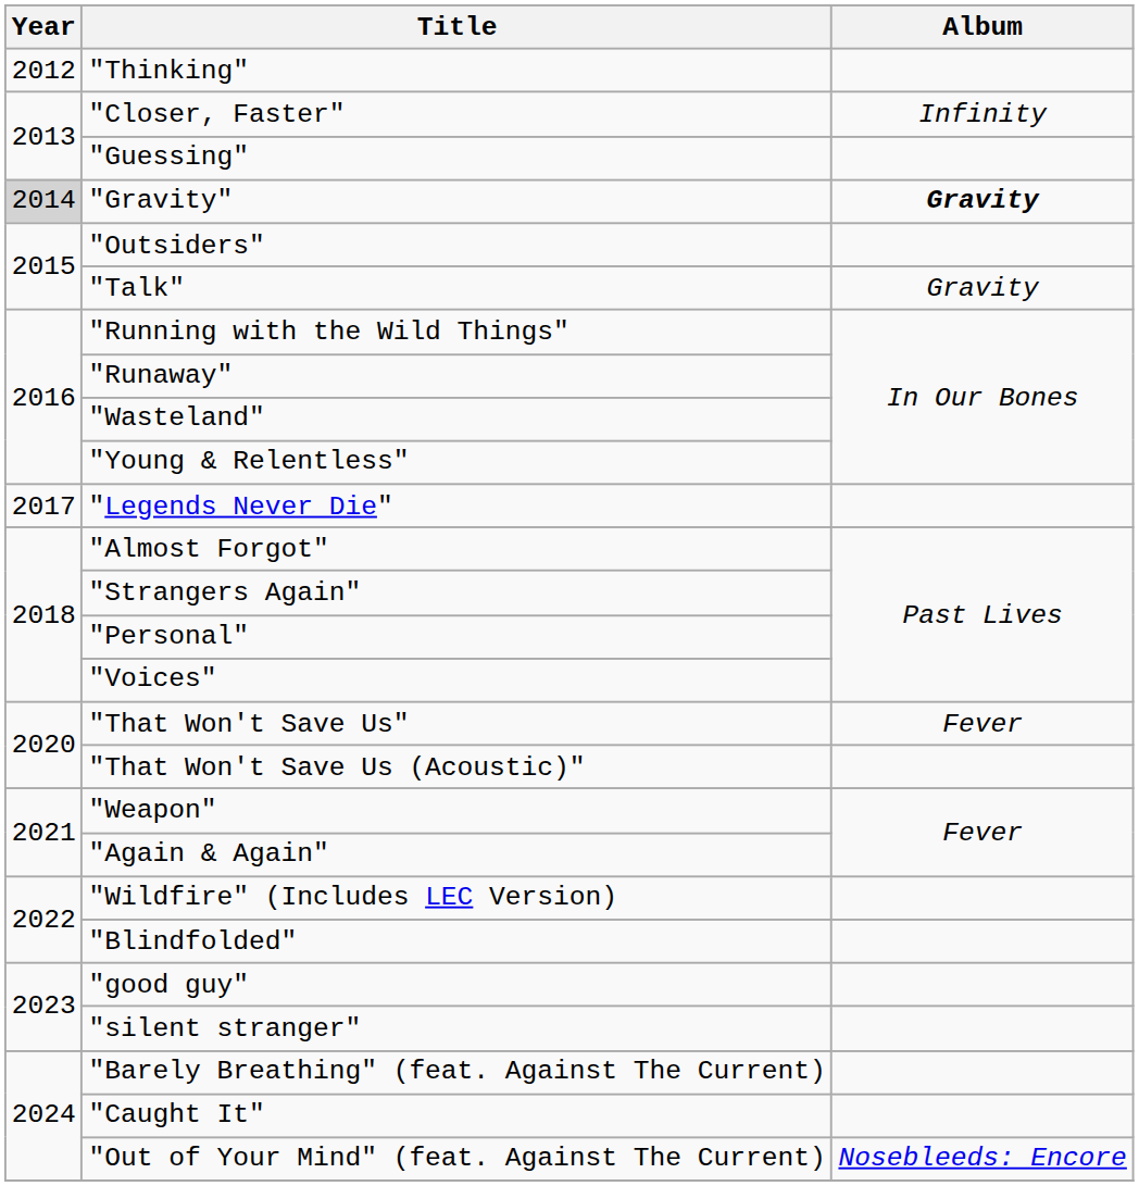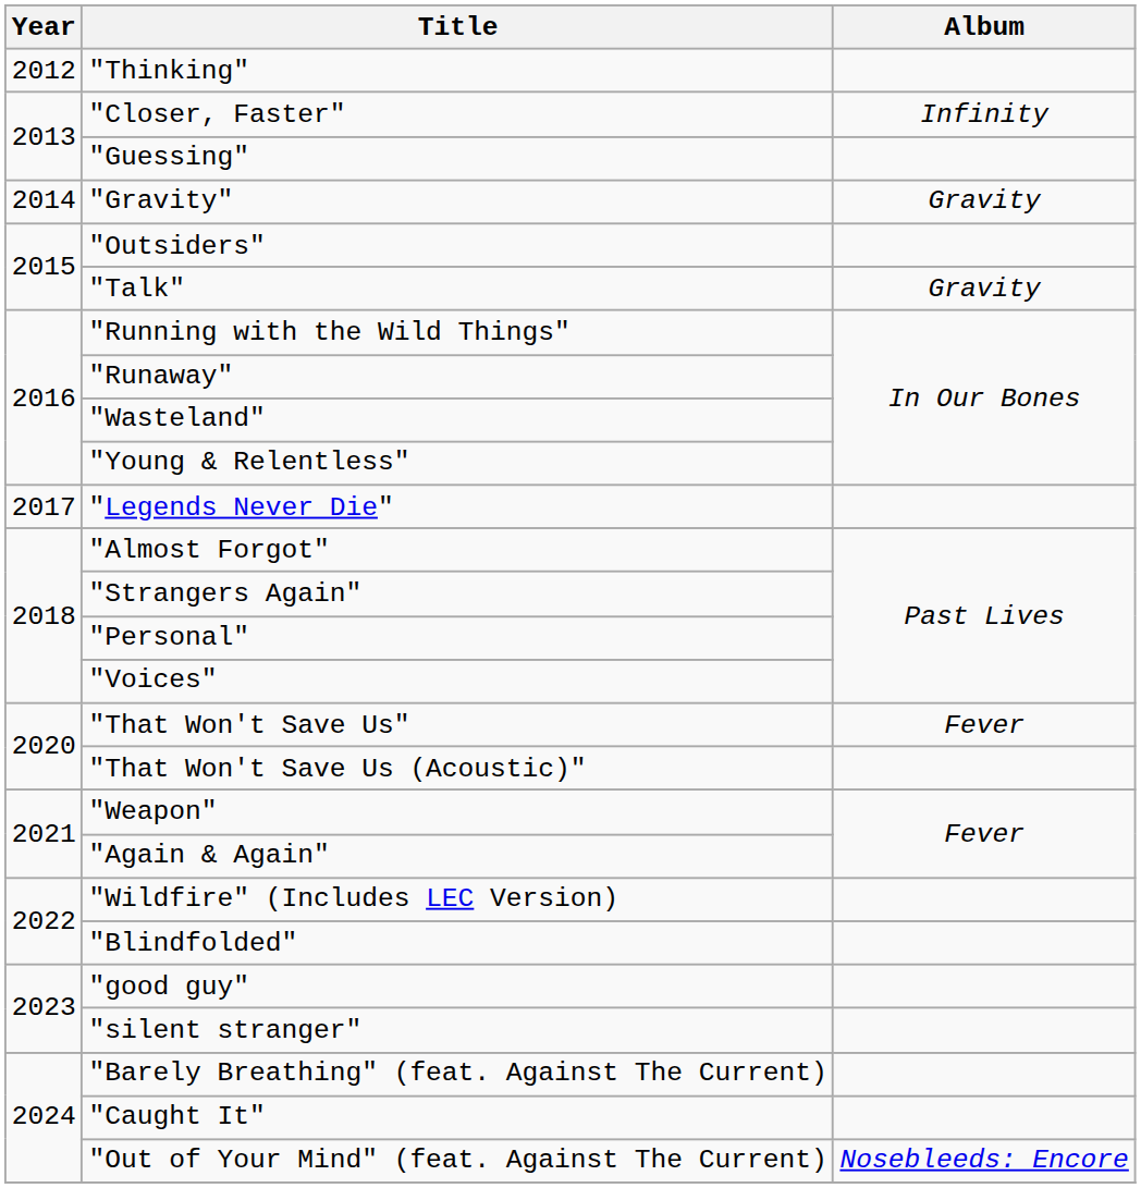 <table class="wikitable">
 <tr>
 <th>Year</th>
 <th>Title</th>
 <th>Album</th>
 </tr>
 <tr>
 <td>2012</td>
 <td>"Thinking"</td>
 <td></td>
 </tr>
 <tr>
 <td rowspan="2">2013</td>
 <td>"Closer, Faster"</td>
 <td style="text-align:center;"><em>Infinity</em></td>
 </tr>
 <tr>
 <td>"Guessing"</td>
 <td></td>
 </tr>
 <tr>
-<td style="background: lightgrey;">2014</td>
+<td>2014</td>
 <td>"Gravity"</td>
-<td style="text-align:center;"><strong><em>Gravity</em></strong></td>
+<td style="text-align:center;"><em>Gravity</em></td>
 </tr>
 <tr>
 <td rowspan="2">2015</td>
 <td>"Outsiders"</td>
 <td></td>
 </tr>
 <tr>
 <td>"Talk"</td>
 <td style="text-align:center;"><em>Gravity</em></td>
 </tr>
 <tr>
 <td rowspan="4">2016</td>
 <td>"Running with the Wild Things"</td>
 <td style="text-align:center;" rowspan="4"><em>In Our Bones</em></td>
 </tr>
 <tr>
 <td>"Runaway"</td>
 </tr>
 <tr>
 <td>"Wasteland"</td>
 </tr>
 <tr>
 <td>"Young & Relentless"</td>
 </tr>
 <tr>
 <td rowspan="1">2017</td>
 <td>"<a href='#'>Legends Never Die</a>"</td>
 <td></td>
 </tr>
 <tr>
 <td rowspan="4">2018</td>
 <td>"Almost Forgot"</td>
 <td style="text-align:center;" rowspan="4"><em>Past Lives</em></td>
 </tr>
 <tr>
 <td>"Strangers Again"</td>
 </tr>
 <tr>
 <td>"Personal"</td>
 </tr>
 <tr>
 <td>"Voices"</td>
 </tr>
 <tr>
 <td rowspan="2">2020</td>
 <td>"That Won't Save Us"</td>
 <td style="text-align:center;"><em>Fever</em></td>
 </tr>
 <tr>
 <td>"That Won't Save Us (Acoustic)"</td>
 <td></td>
 </tr>
 <tr>
 <td rowspan="2">2021</td>
 <td>"Weapon"</td>
 <td rowspan="2" style="text-align:center;"><em>Fever</em></td>
 </tr>
 <tr>
 <td>"Again & Again"</td>
 </tr>
 <tr>
 <td rowspan="2">2022</td>
 <td>"Wildfire" (Includes <a href='#'>LEC</a> Version)</td>
 <td></td>
 </tr>
 <tr>
 <td>"Blindfolded"</td>
 <td></td>
 </tr>
 <tr>
 <td rowspan="2">2023</td>
 <td>"good guy"</td>
 <td></td>
 </tr>
 <tr>
 <td>"silent stranger"</td>
 <td></td>
 </tr>
 <tr>
 <td rowspan="3">2024</td>
 <td>"Barely Breathing" (feat. Against The Current)</td>
 <td></td>
 </tr>
 <tr>
 <td>"Caught It"</td>
 <td></td>
 </tr>
 <tr>
 <td>"Out of Your Mind" (feat. Against The Current)</td>
 <td><em><a href='#'>Nosebleeds: Encore</a></em></td>
 </tr>
 <tr>
 </tr>
 </table>
